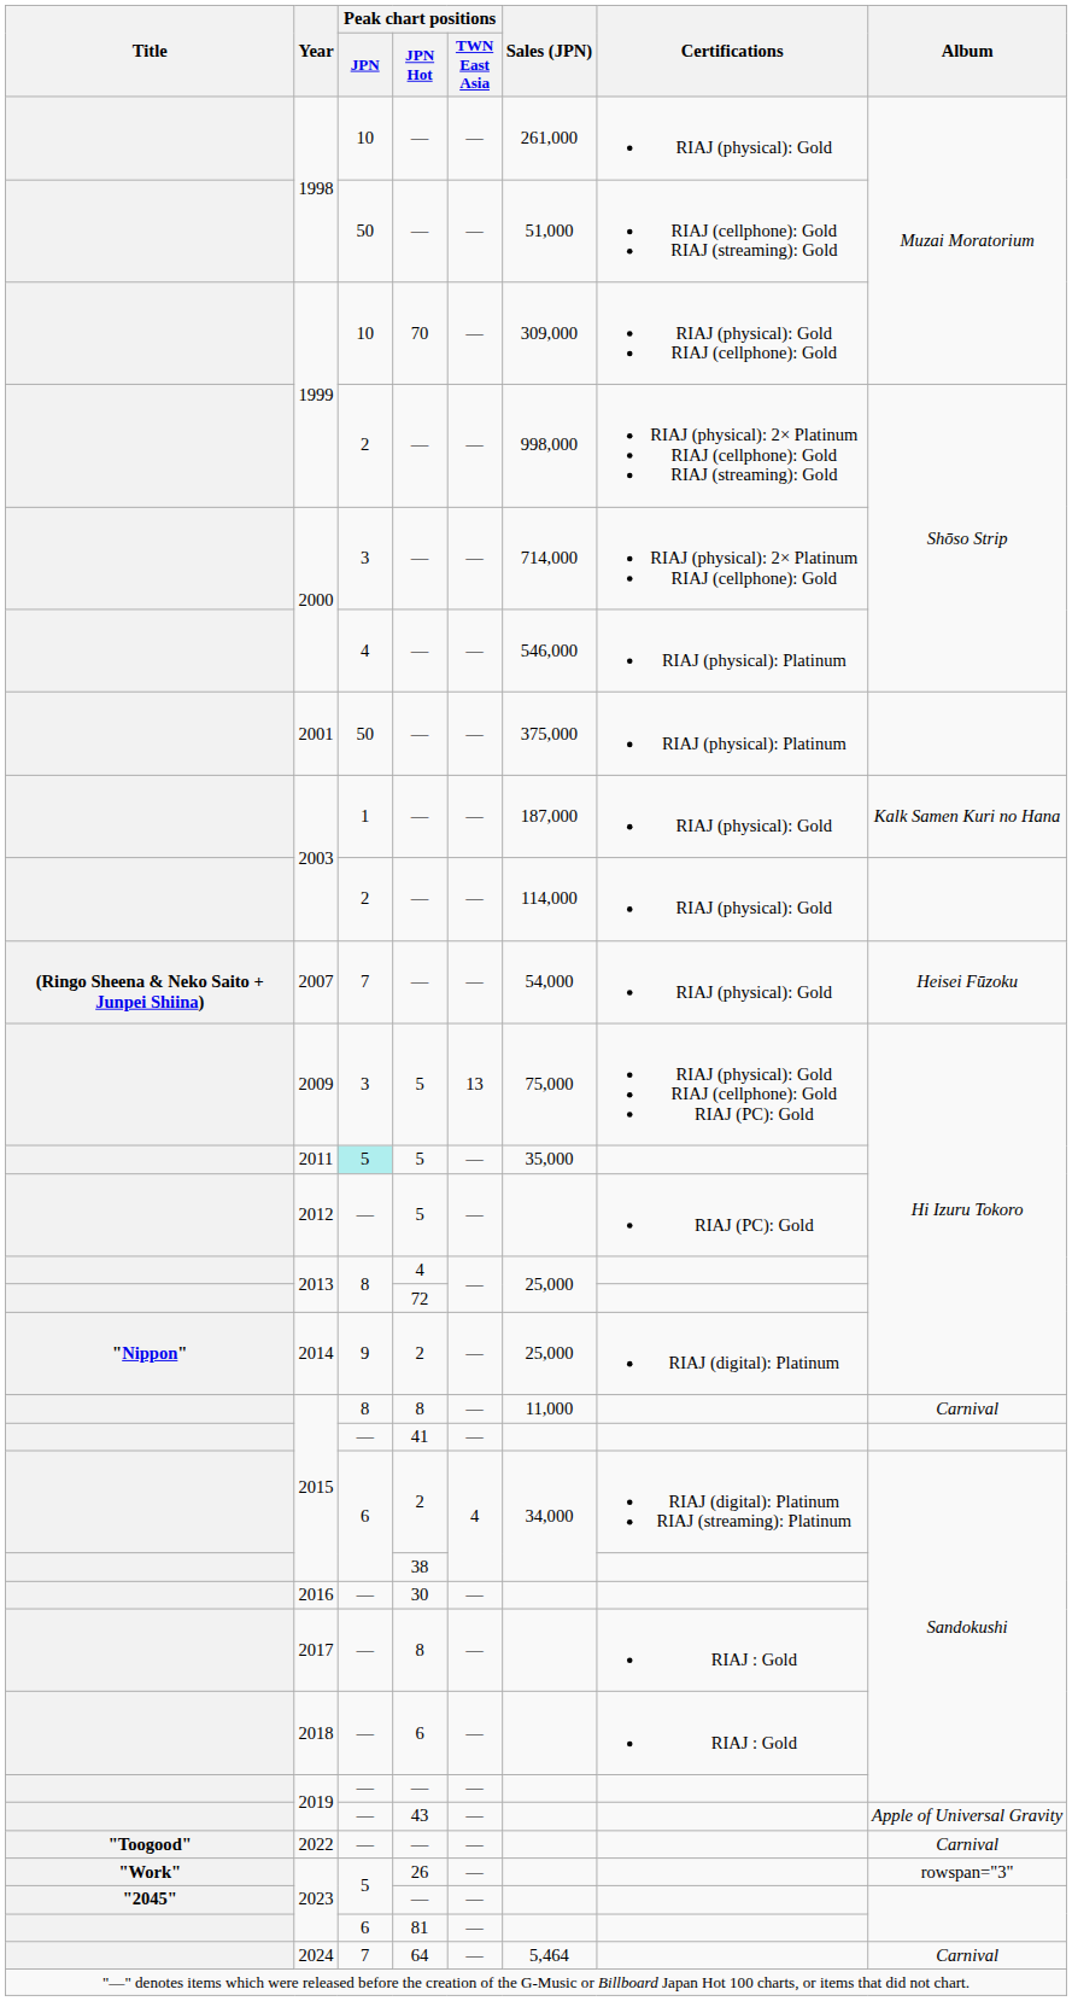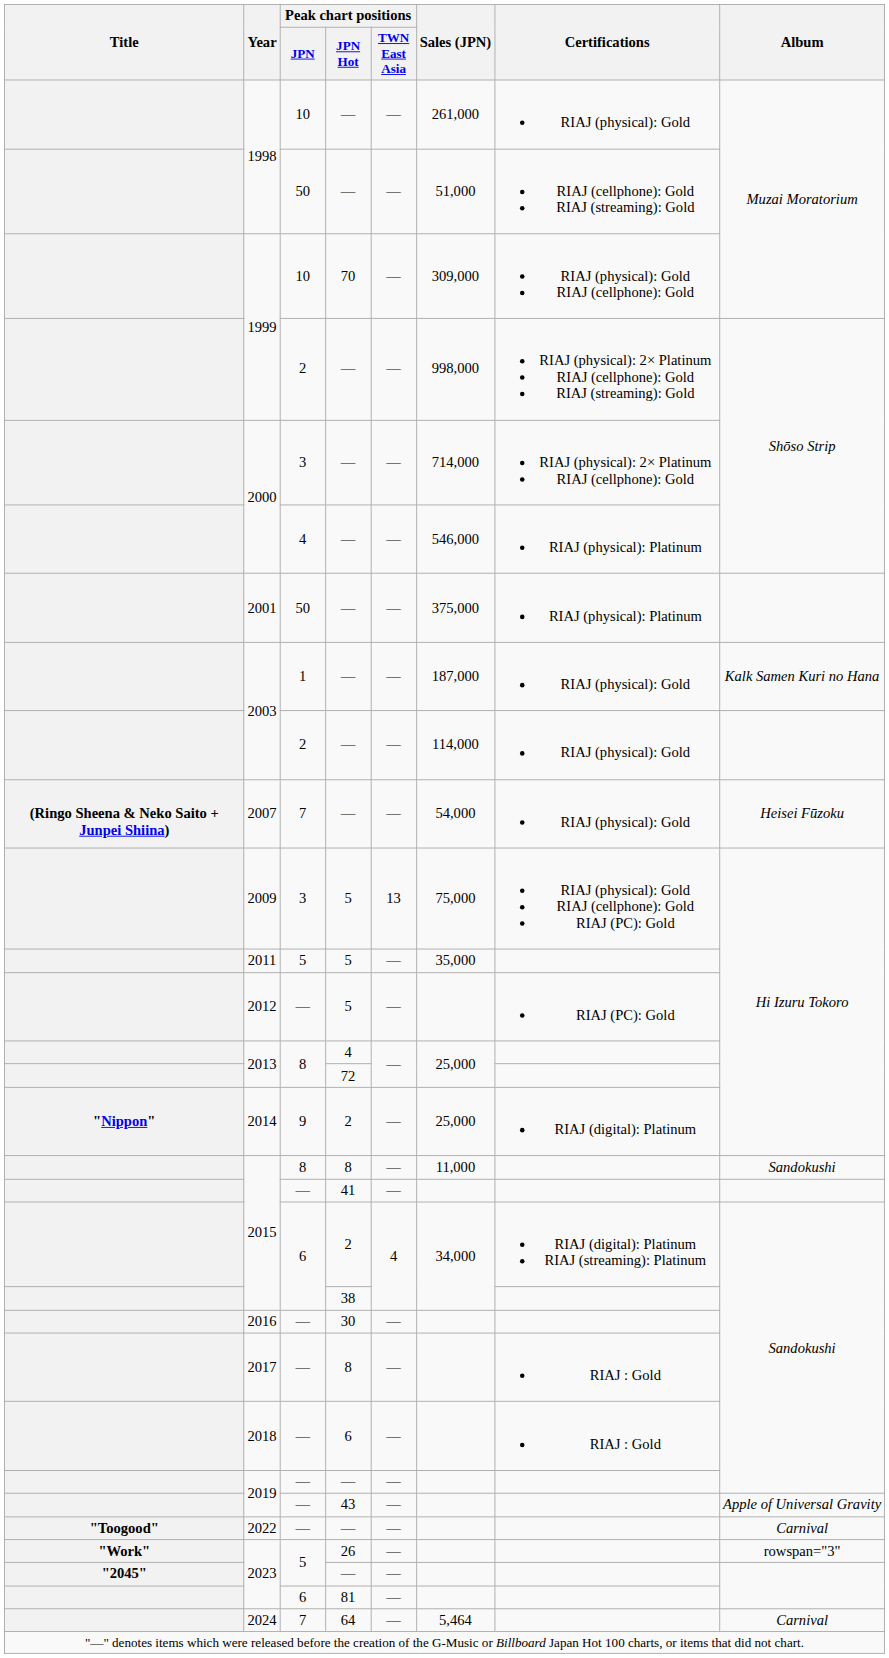 <table class="wikitable plainrowheaders" style="text-align:center;">
 <tr>
 <th scope="col" rowspan="2" style="width:16em;">Title</th>
 <th scope="col" rowspan="2">Year</th>
 <th scope="col" colspan="3">Peak chart positions</th>
 <th scope="col" rowspan="2">Sales (JPN)</th>
 <th scope="col" rowspan="2" style="width:15em;">Certifications</th>
 <th scope="col" rowspan="2">Album</th>
 </tr>
 <tr>
 <th scope="col" style="width:3em;font-size:90%;"><a href='#'>JPN</a><br></th>
 <th scope="col" style="width:3em;font-size:90%;"><a href='#'>JPN Hot</a><br></th>
 <th scope="col" style="width:3em;font-size:90%;"><a href='#'>TWN East Asia</a><br></th>
 </tr>
 <tr>
 <th scope="row"></th>
 <td rowspan="2">1998</td>
 <td>10</td>
 <td>—</td>
 <td>—</td>
 <td>261,000</td>
 <td><br><ul><li>RIAJ <span>(physical)</span>: Gold</li></ul></td>
 <td rowspan=3><em>Muzai Moratorium</em></td>
 </tr>
 <tr>
 <th scope="row"></th>
 <td>50</td>
 <td>—</td>
 <td>—</td>
 <td>51,000</td>
 <td><br><ul><li>RIAJ <span>(cellphone)</span>: Gold</li><li>RIAJ <span>(streaming)</span>: Gold</li></ul></td>
 </tr>
 <tr>
 <th scope="row"></th>
 <td rowspan="2">1999</td>
 <td>10</td>
 <td>70</td>
 <td>—</td>
 <td>309,000</td>
 <td><br><ul><li>RIAJ <span>(physical)</span>: Gold</li><li>RIAJ <span>(cellphone)</span>: Gold</li></ul></td>
 </tr>
 <tr>
 <th scope="row"></th>
 <td>2</td>
 <td>—</td>
 <td>—</td>
 <td>998,000</td>
 <td><br><ul><li>RIAJ <span>(physical)</span>: 2× Platinum</li><li>RIAJ <span>(cellphone)</span>: Gold</li><li>RIAJ <span>(streaming)</span>: Gold</li></ul></td>
 <td rowspan=3><em>Shōso Strip</em></td>
 </tr>
 <tr>
 <th scope="row"></th>
 <td rowspan="2">2000</td>
 <td>3</td>
 <td>—</td>
 <td>—</td>
 <td>714,000</td>
 <td><br><ul><li>RIAJ <span>(physical)</span>: 2× Platinum</li><li>RIAJ <span>(cellphone)</span>: Gold</li></ul></td>
 </tr>
 <tr>
 <th scope="row"></th>
 <td>4</td>
 <td>—</td>
 <td>—</td>
 <td>546,000</td>
 <td><br><ul><li>RIAJ <span>(physical)</span>: Platinum</li></ul></td>
 </tr>
 <tr>
 <th scope="row"></th>
 <td>2001</td>
 <td>50</td>
 <td>—</td>
 <td>—</td>
 <td>375,000</td>
 <td><br><ul><li>RIAJ <span>(physical)</span>: Platinum</li></ul></td>
 <td></td>
 </tr>
 <tr>
 <th scope="row"></th>
 <td rowspan="2">2003</td>
 <td>1</td>
 <td>—</td>
 <td>—</td>
 <td>187,000</td>
 <td><br><ul><li>RIAJ <span>(physical)</span>: Gold</li></ul></td>
 <td><em>Kalk Samen Kuri no Hana</em></td>
 </tr>
 <tr>
 <th scope="row"></th>
 <td>2</td>
 <td>—</td>
 <td>—</td>
 <td>114,000</td>
 <td><br><ul><li>RIAJ <span>(physical)</span>: Gold</li></ul></td>
 <td></td>
 </tr>
 <tr>
 <th scope="row"><br><span>(Ringo Sheena & Neko Saito + <a href='#'>Junpei Shiina</a>)</span></th>
 <td>2007</td>
 <td>7</td>
 <td>—</td>
 <td>—</td>
 <td>54,000</td>
 <td><br><ul><li>RIAJ <span>(physical)</span>: Gold</li></ul></td>
 <td><em>Heisei Fūzoku</em></td>
 </tr>
 <tr>
 <th scope="row"></th>
 <td>2009</td>
 <td>3</td>
 <td>5</td>
 <td>13</td>
 <td>75,000</td>
 <td><br><ul><li>RIAJ <span>(physical)</span>: Gold</li><li>RIAJ <span>(cellphone)</span>: Gold</li><li>RIAJ <span>(PC)</span>: Gold</li></ul></td>
 <td rowspan=6><em>Hi Izuru Tokoro</em></td>
 </tr>
 <tr>
 <th scope="row"></th>
 <td>2011</td>
-<td style="background: paleturquoise;">5</td>
+<td>5</td>
 <td>5</td>
 <td>—</td>
 <td>35,000</td>
 <td></td>
 </tr>
 <tr>
 <th scope="row"></th>
 <td>2012</td>
 <td>—</td>
 <td>5</td>
 <td>—</td>
 <td></td>
 <td><br><ul><li>RIAJ <span>(PC)</span>: Gold</li></ul></td>
 </tr>
 <tr>
 <th scope="row"></th>
 <td rowspan="2">2013</td>
 <td rowspan="2">8</td>
 <td>4</td>
 <td rowspan="2">—</td>
 <td rowspan="2">25,000</td>
 <td></td>
 </tr>
 <tr>
 <th scope="row"></th>
 <td>72</td>
 <td></td>
 </tr>
 <tr>
 <th scope="row">"<a href='#'>Nippon</a>"</th>
 <td>2014</td>
 <td>9</td>
 <td>2</td>
 <td>—</td>
 <td>25,000</td>
 <td><br><ul><li>RIAJ <span>(digital)</span>: Platinum</li></ul></td>
 </tr>
 <tr>
 <th scope="row"></th>
 <td rowspan="4">2015</td>
 <td>8</td>
 <td>8</td>
 <td>—</td>
 <td>11,000</td>
 <td></td>
-<td><em>Carnival</em></td>
+<td><em>Sandokushi</em></td>
 </tr>
 <tr>
 <th scope="row"></th>
 <td>—</td>
 <td>41</td>
 <td>—</td>
 <td></td>
 <td></td>
 <td></td>
 </tr>
 <tr>
 <th scope="row"></th>
 <td rowspan="2">6</td>
 <td>2</td>
 <td rowspan="2">4</td>
 <td rowspan="2">34,000</td>
 <td><br><ul><li>RIAJ <span>(digital)</span>: Platinum</li><li>RIAJ <span>(streaming)</span>: Platinum</li></ul></td>
 <td rowspan="6"><em>Sandokushi</em></td>
 </tr>
 <tr>
 <th scope="row"></th>
 <td>38</td>
 <td></td>
 </tr>
 <tr>
 <th scope="row"></th>
 <td rowspan="1">2016</td>
 <td>—</td>
 <td>30</td>
 <td>—</td>
 <td></td>
 <td></td>
 </tr>
 <tr>
 <th scope="row"><br></th>
 <td>2017</td>
 <td>—</td>
 <td>8</td>
 <td>—</td>
 <td></td>
 <td><br><ul><li>RIAJ : Gold</li></ul></td>
 </tr>
 <tr>
 <th scope="row"><br></th>
 <td>2018</td>
 <td>—</td>
 <td>6</td>
 <td>—</td>
 <td></td>
 <td><br><ul><li>RIAJ : Gold</li></ul></td>
 </tr>
 <tr>
 <th scope="row"></th>
 <td rowspan="2">2019</td>
 <td>—</td>
 <td>—</td>
 <td>—</td>
 <td></td>
 <td></td>
 </tr>
 <tr>
 <th scope="row"><br></th>
 <td>—</td>
 <td>43</td>
 <td>—</td>
 <td></td>
 <td></td>
 <td><em>Apple of Universal Gravity</em></td>
 </tr>
 <tr>
 <th scope="row">"Toogood"</th>
 <td>2022</td>
 <td>—</td>
 <td>—</td>
 <td>—</td>
 <td></td>
 <td></td>
 <td><em>Carnival</em></td>
 </tr>
 <tr>
 <th scope="row">"Work"<br></th>
 <td rowspan="3">2023</td>
 <td rowspan="2">5</td>
 <td>26</td>
 <td>—</td>
 <td></td>
 <td></td>
 <td>rowspan="3" </td>
 </tr>
 <tr>
 <th scope="row">"2045"<br></th>
 <td>—</td>
 <td>—</td>
 <td></td>
 <td></td>
 </tr>
 <tr>
 <th scope="row"></th>
 <td>6</td>
 <td>81</td>
 <td>—</td>
 <td></td>
 <td></td>
 </tr>
 <tr>
 <th scope="row"></th>
 <td>2024</td>
 <td>7</td>
 <td>64</td>
 <td>—</td>
 <td>5,464</td>
 <td></td>
 <td><em>Carnival</em></td>
 </tr>
 <tr>
 <td colspan="12" align="center" style="font-size:90%;">"—" denotes items which were released before the creation of the G-Music or <em>Billboard</em> Japan Hot 100 charts, or items that did not chart.</td>
 </tr>
 </table>
